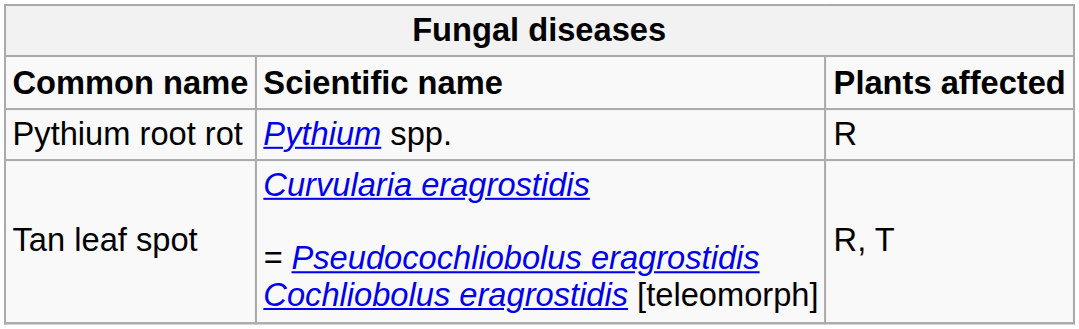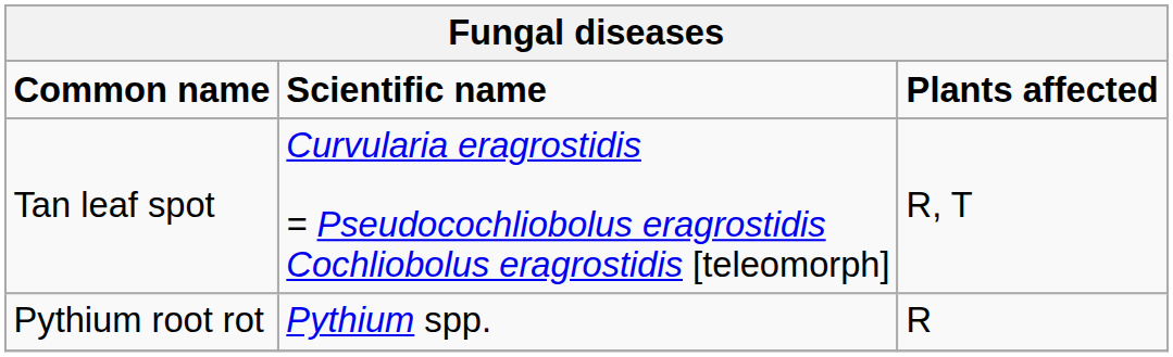 <table class="wikitable" style="clear">
 <tr>
 <th colspan=3><strong>Fungal diseases</strong><br></th>
 </tr>
 <tr>
 <td><strong>Common name</strong></td>
 <td><strong>Scientific name</strong></td>
 <td><strong>Plants affected</strong></td>
 </tr>
 <tr>
+<td>Tan leaf spot</td>
+<td><em><a href='#'>Curvularia eragrostidis</a></em> <br><br><em>= <a href='#'>Pseudocochliobolus eragrostidis</a></em><br> <em><a href='#'>Cochliobolus eragrostidis</a></em> [teleomorph]</td>
+<td>R, T</td>
+</tr>
+<tr>
 <td>Pythium root rot</td>
 <td><em><a href='#'>Pythium</a></em> spp.</td>
 <td>R</td>
 </tr>
 <tr>
-<td>Tan leaf spot</td>
-<td><em><a href='#'>Curvularia eragrostidis</a></em> <br><br><em>= <a href='#'>Pseudocochliobolus eragrostidis</a></em><br> <em><a href='#'>Cochliobolus eragrostidis</a></em> [teleomorph]</td>
-<td>R, T</td>
-</tr>
-<tr>
 </tr>
 </table>
